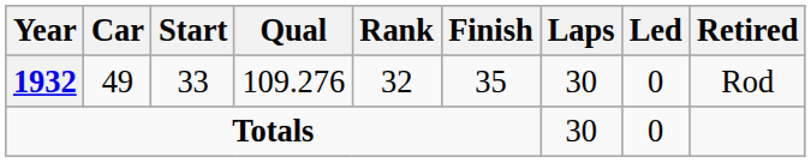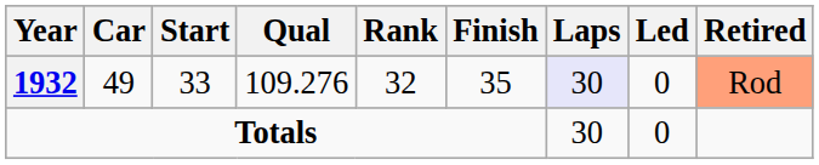 <table class="wikitable" style="text-align:center">
 <tr>
 <th>Year</th>
 <th>Car</th>
 <th>Start</th>
 <th>Qual</th>
 <th>Rank</th>
 <th>Finish</th>
 <th>Laps</th>
 <th>Led</th>
 <th>Retired</th>
 </tr>
 <tr>
 <th><a href='#'>1932</a></th>
 <td>49</td>
 <td>33</td>
 <td>109.276</td>
 <td>32</td>
 <td>35</td>
-<td>30</td>
+<td style="background: lavender;">30</td>
 <td>0</td>
-<td>Rod</td>
+<td style="background: lightsalmon;">Rod</td>
 </tr>
 <tr>
 <td colspan=6><strong>Totals</strong></td>
 <td>30</td>
 <td>0</td>
 <td></td>
 </tr>
 </table>
